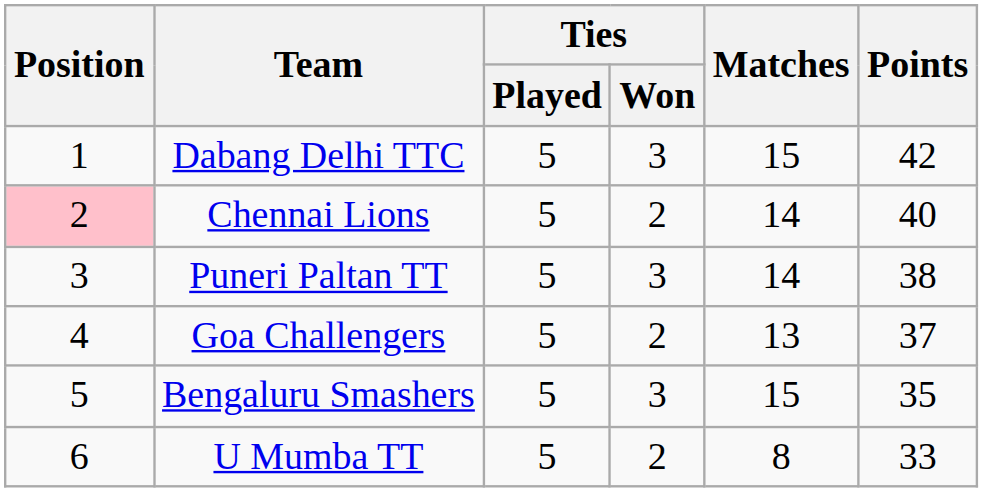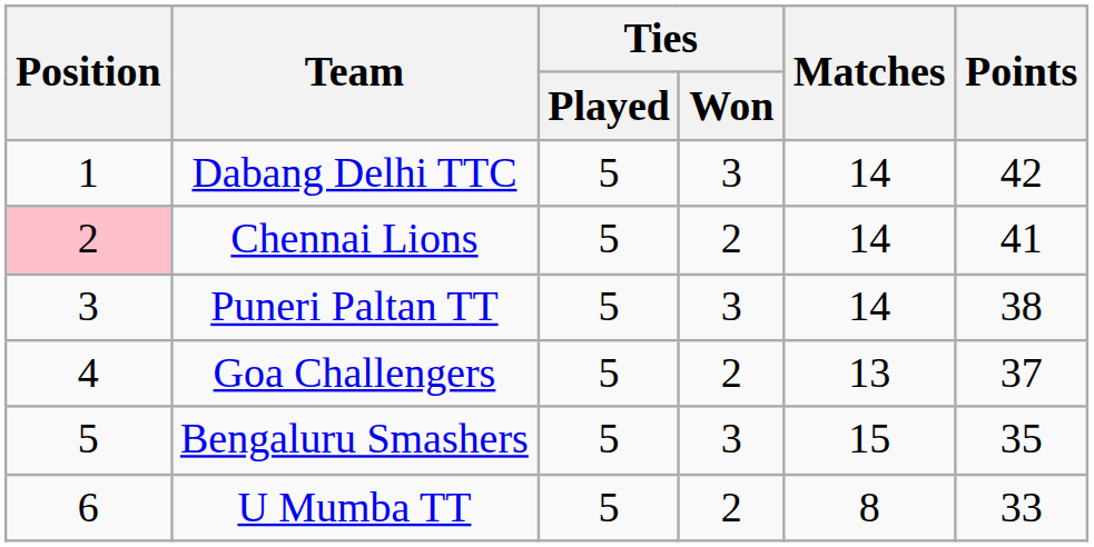 <table class="wikitable sortable" style="text-align:center;">
 <tr>
 <th rowspan=2>Position</th>
 <th rowspan=2>Team</th>
 <th colspan=2>Ties</th>
 <th rowspan=2>Matches</th>
 <th rowspan=2>Points</th>
 </tr>
 <tr>
 <th>Played</th>
 <th>Won</th>
 </tr>
 <tr>
 <td>1</td>
 <td><a href='#'>Dabang Delhi TTC</a></td>
 <td>5</td>
 <td>3</td>
-<td>15</td>
+<td>14</td>
 <td>42</td>
 </tr>
 <tr>
 <td style="background: pink;">2</td>
 <td><a href='#'>Chennai Lions</a></td>
 <td>5</td>
 <td>2</td>
 <td>14</td>
-<td>40</td>
+<td>41</td>
 </tr>
 <tr>
 <td>3</td>
 <td><a href='#'>Puneri Paltan TT</a></td>
 <td>5</td>
 <td>3</td>
 <td>14</td>
 <td>38</td>
 </tr>
 <tr>
 <td>4</td>
 <td><a href='#'>Goa Challengers</a></td>
 <td>5</td>
 <td>2</td>
 <td>13</td>
 <td>37</td>
 </tr>
 <tr>
 <td>5</td>
 <td><a href='#'>Bengaluru Smashers</a></td>
 <td>5</td>
 <td>3</td>
 <td>15</td>
 <td>35</td>
 </tr>
 <tr>
 <td>6</td>
 <td><a href='#'>U Mumba TT</a></td>
 <td>5</td>
 <td>2</td>
 <td>8</td>
 <td>33</td>
 </tr>
 </table>
